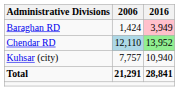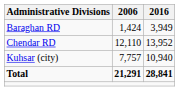 <table class="wikitable">
 <tr>
 <th>Administrative Divisions</th>
 <th>2006</th>
 <th>2016</th>
 </tr>
 <tr>
 <td><a href='#'>Baraghan RD</a></td>
 <td style="text-align: right;">1,424</td>
-<td style="background: pink; text-align: right;">3,949</td>
+<td style="text-align: right;">3,949</td>
 </tr>
 <tr>
 <td><a href='#'>Chendar RD</a></td>
-<td style="background: lightblue; text-align: right;">12,110</td>
-<td style="background: lightgreen; text-align: right;">13,952</td>
+<td style="text-align: right;">12,110</td>
+<td style="text-align: right;">13,952</td>
 </tr>
 <tr>
 <td><a href='#'>Kuhsar</a> (city)</td>
 <td style="text-align: right;">7,757</td>
 <td style="text-align: right;">10,940</td>
 </tr>
 <tr>
 <td><strong>Total</strong></td>
 <td style="text-align: right;"><strong>21,291</strong></td>
 <td style="text-align: right;"><strong>28,841</strong></td>
 </tr>
 <tr>
 <td colspan=4></td>
 </tr>
 </table>
